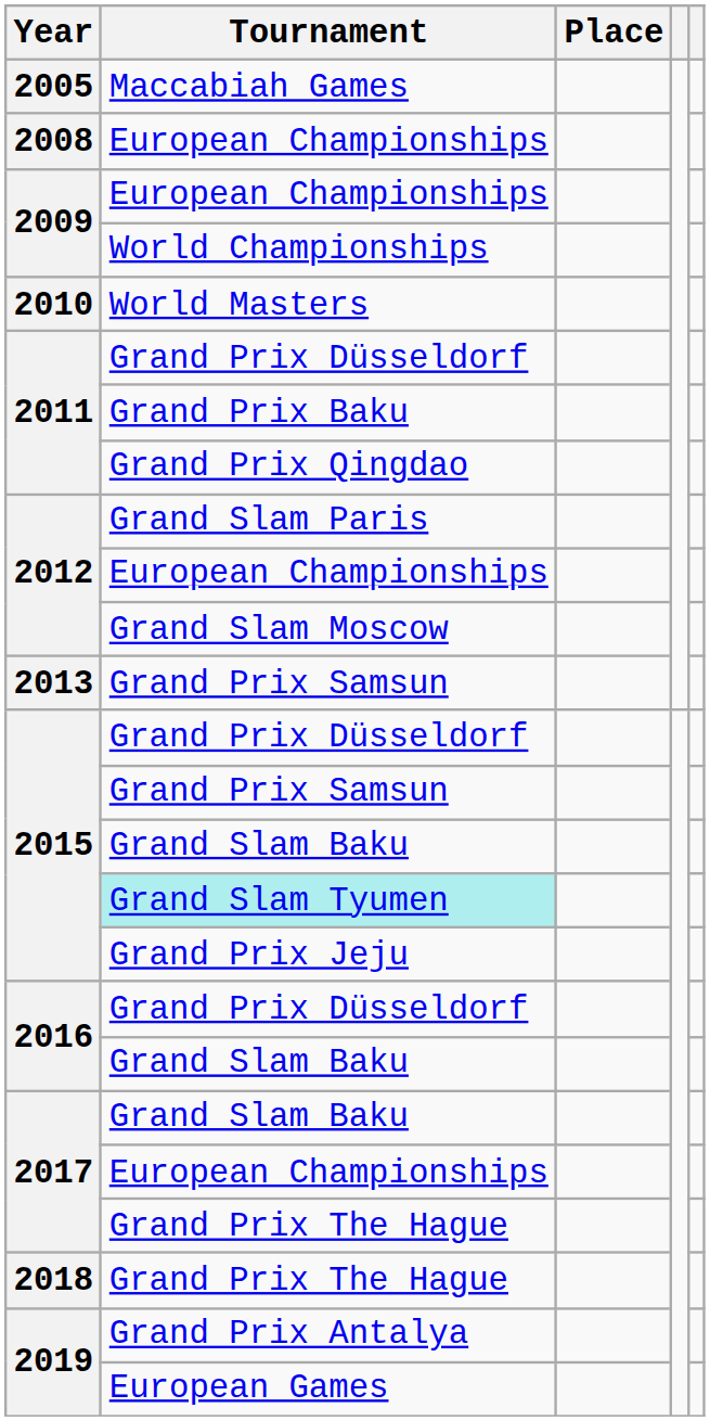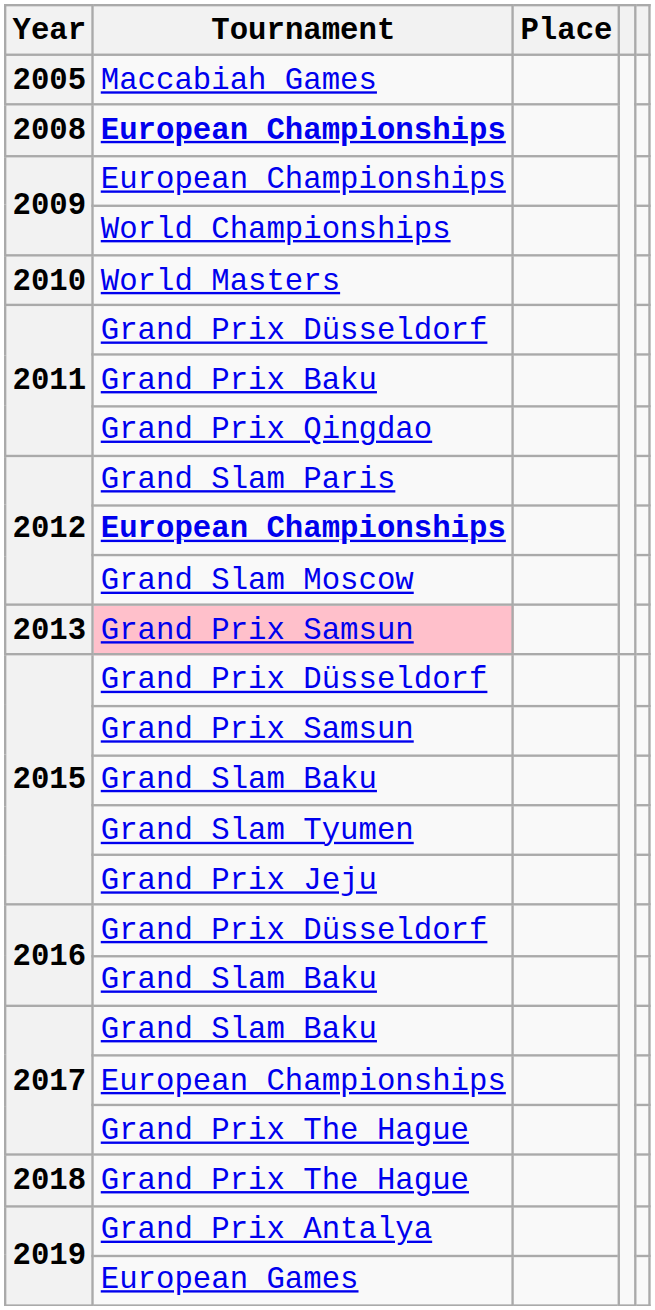 <table class="wikitable sortable" style="text-align:center;">
 <tr>
 <th>Year</th>
 <th>Tournament</th>
 <th>Place</th>
 <th></th>
 <th></th>
 </tr>
 <tr>
 <th>2005</th>
 <td align=left><a href='#'>Maccabiah Games</a></td>
 <td></td>
 <td rowspan=12></td>
 <td></td>
 </tr>
 <tr>
 <th>2008</th>
-<td align=left><a href='#'>European Championships</a></td>
+<td align=left><strong><a href='#'>European Championships</a></strong></td>
 <td></td>
 <td></td>
 </tr>
 <tr>
 <th rowspan=2>2009</th>
 <td align=left><a href='#'>European Championships</a></td>
 <td></td>
 <td></td>
 </tr>
 <tr>
 <td align=left><a href='#'>World Championships</a></td>
 <td></td>
 <td></td>
 </tr>
 <tr>
 <th>2010</th>
 <td align=left><a href='#'>World Masters</a></td>
 <td></td>
 <td></td>
 </tr>
 <tr>
 <th rowspan=3>2011</th>
 <td align=left><a href='#'>Grand Prix Düsseldorf</a></td>
 <td></td>
 <td></td>
 </tr>
 <tr>
 <td align=left><a href='#'>Grand Prix Baku</a></td>
 <td></td>
 <td></td>
 </tr>
 <tr>
 <td align=left><a href='#'>Grand Prix Qingdao</a></td>
 <td></td>
 <td></td>
 </tr>
 <tr>
 <th rowspan=3>2012</th>
 <td align=left><a href='#'>Grand Slam Paris</a></td>
 <td></td>
 <td></td>
 </tr>
 <tr>
-<td align=left><a href='#'>European Championships</a></td>
+<td align=left><strong><a href='#'>European Championships</a></strong></td>
 <td></td>
 <td></td>
 </tr>
 <tr>
 <td align=left><a href='#'>Grand Slam Moscow</a></td>
 <td></td>
 <td></td>
 </tr>
 <tr>
 <th>2013</th>
-<td align=left><a href='#'>Grand Prix Samsun</a></td>
+<td align=left style="background: pink;"><a href='#'>Grand Prix Samsun</a></td>
 <td></td>
 <td></td>
 </tr>
 <tr>
 <th rowspan=5>2015</th>
 <td align=left><a href='#'>Grand Prix Düsseldorf</a></td>
 <td></td>
 <td rowspan=13></td>
 <td></td>
 </tr>
 <tr>
 <td align=left><a href='#'>Grand Prix Samsun</a></td>
 <td></td>
 <td></td>
 </tr>
 <tr>
 <td align=left><a href='#'>Grand Slam Baku</a></td>
 <td></td>
 <td></td>
 </tr>
 <tr>
-<td align=left style="background: paleturquoise;"><a href='#'>Grand Slam Tyumen</a></td>
+<td align=left><a href='#'>Grand Slam Tyumen</a></td>
 <td></td>
 <td></td>
 </tr>
 <tr>
 <td align=left><a href='#'>Grand Prix Jeju</a></td>
 <td></td>
 <td></td>
 </tr>
 <tr>
 <th rowspan=2>2016</th>
 <td align=left><a href='#'>Grand Prix Düsseldorf</a></td>
 <td></td>
 <td></td>
 </tr>
 <tr>
 <td align=left><a href='#'>Grand Slam Baku</a></td>
 <td></td>
 <td></td>
 </tr>
 <tr>
 <th rowspan=3>2017</th>
 <td align=left><a href='#'>Grand Slam Baku</a></td>
 <td></td>
 <td></td>
 </tr>
 <tr>
 <td align=left><a href='#'>European Championships</a></td>
 <td></td>
 <td></td>
 </tr>
 <tr>
 <td align=left><a href='#'>Grand Prix The Hague</a></td>
 <td></td>
 <td></td>
 </tr>
 <tr>
 <th>2018</th>
 <td align=left><a href='#'>Grand Prix The Hague</a></td>
 <td></td>
 <td></td>
 </tr>
 <tr>
 <th rowspan=2>2019</th>
 <td align=left><a href='#'>Grand Prix Antalya</a></td>
 <td></td>
 <td></td>
 </tr>
 <tr>
 <td align=left><a href='#'>European Games</a></td>
 <td></td>
 <td></td>
 </tr>
 </table>
